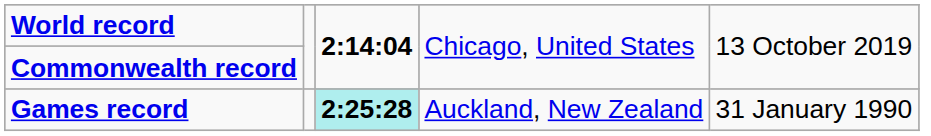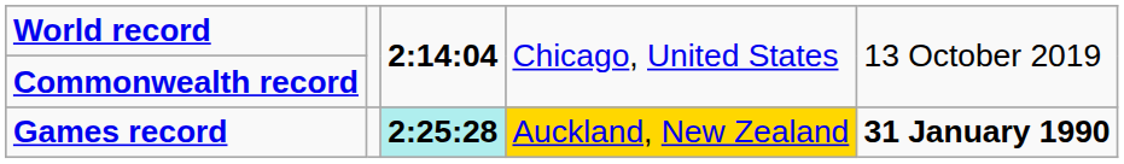 <table class="wikitable">
 <tr>
 <td><a href='#'><strong>World record</strong></a></td>
 <td rowspan=2></td>
 <td rowspan=2><strong>2:14:04</strong></td>
 <td rowspan=2><a href='#'>Chicago</a>, <a href='#'>United States</a></td>
 <td rowspan=2>13 October 2019</td>
 </tr>
 <tr>
 <td><a href='#'><strong>Commonwealth record</strong></a></td>
 </tr>
 <tr>
 <td><a href='#'><strong>Games record</strong></a></td>
 <td></td>
 <td style="background: paleturquoise;"><strong>2:25:28</strong></td>
-<td><a href='#'>Auckland</a>, <a href='#'>New Zealand</a></td>
-<td>31 January 1990</td>
+<td style="background: gold;"><a href='#'>Auckland</a>, <a href='#'>New Zealand</a></td>
+<td><strong>31 January 1990</strong></td>
 </tr>
 </table>
